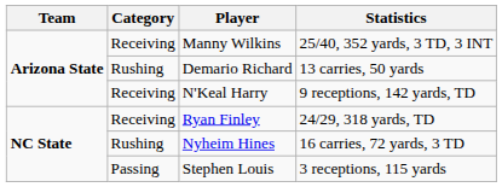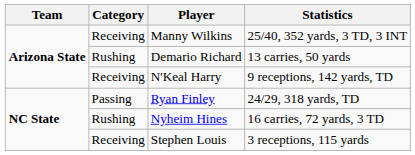 <table class="wikitable" style="float: right;">
 <tr>
 <th>Team</th>
 <th>Category</th>
 <th>Player</th>
 <th>Statistics</th>
 </tr>
 <tr>
 <td rowspan=3><strong>Arizona State</strong></td>
 <td>Receiving</td>
 <td>Manny Wilkins</td>
 <td>25/40, 352 yards, 3 TD, 3 INT</td>
 </tr>
 <tr>
 <td>Rushing</td>
 <td>Demario Richard</td>
 <td>13 carries, 50 yards</td>
 </tr>
 <tr>
 <td>Receiving</td>
 <td>N'Keal Harry</td>
 <td>9 receptions, 142 yards, TD</td>
 </tr>
 <tr>
 <td rowspan=3><strong>NC State</strong></td>
-<td>Receiving</td>
+<td>Passing</td>
 <td><a href='#'>Ryan Finley</a></td>
 <td>24/29, 318 yards, TD</td>
 </tr>
 <tr>
 <td>Rushing</td>
 <td><a href='#'>Nyheim Hines</a></td>
 <td>16 carries, 72 yards, 3 TD</td>
 </tr>
 <tr>
-<td>Passing</td>
+<td>Receiving</td>
 <td>Stephen Louis</td>
 <td>3 receptions, 115 yards</td>
 </tr>
 </table>
